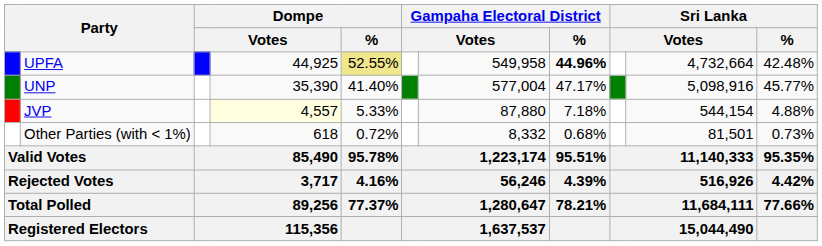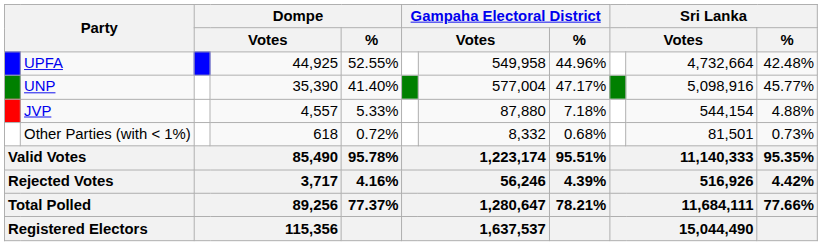 <table class="wikitable">
 <tr>
 <th colspan="2" width="144px"rowspan="2">Party</th>
 <th colspan="3" width="216px">Dompe</th>
 <th colspan="3" width="216px"><a href='#'>Gampaha Electoral District</a></th>
 <th colspan="3" width="216px">Sri Lanka</th>
 </tr>
 <tr>
 <th colspan="2" width="144px">Votes</th>
 <th>%</th>
 <th colspan="2" width="144px">Votes</th>
 <th>%</th>
 <th colspan="2" width="144px">Votes</th>
 <th>%</th>
 </tr>
 <tr>
 <td style="background-color:blue;" width="10px"></td>
 <td style="text-align:left;"><a href='#'>UPFA</a></td>
 <td style="background-color:blue;" width="10px"></td>
 <td style="text-align:right;">44,925</td>
-<td style="background: khaki; text-align:right;">52.55%</td>
+<td style="text-align:right;">52.55%</td>
 <td style="background-color:white;" width="10px"></td>
 <td style="text-align:right;">549,958</td>
-<td style="text-align:right;"><strong>44.96%</strong></td>
+<td style="text-align:right;">44.96%</td>
 <td style="background-color:white;" width="10px"></td>
 <td style="text-align:right;">4,732,664</td>
 <td style="text-align:right;">42.48%</td>
 </tr>
 <tr>
 <td style="background-color:green;" width="10px"></td>
 <td style="text-align:left;"><a href='#'>UNP</a></td>
 <td style="background-color:white;" width="10px"></td>
 <td style="text-align:right;">35,390</td>
 <td style="text-align:right;">41.40%</td>
 <td style="background-color:green;" width="10px"></td>
 <td style="text-align:right;">577,004</td>
 <td style="text-align:right;">47.17%</td>
 <td style="background-color:green;" width="10px"></td>
 <td style="text-align:right;">5,098,916</td>
 <td style="text-align:right;">45.77%</td>
 </tr>
 <tr>
 <td style="background-color:red;" width="10px"></td>
 <td style="text-align:left;"><a href='#'>JVP</a></td>
 <td style="background-color:white;" width="10px"></td>
-<td style="background: lightyellow; text-align:right;">4,557</td>
+<td style="text-align:right;">4,557</td>
 <td style="text-align:right;">5.33%</td>
 <td style="background-color:white;" width="10px"></td>
 <td style="text-align:right;">87,880</td>
 <td style="text-align:right;">7.18%</td>
 <td style="background-color:white;" width="10px"></td>
 <td style="text-align:right;">544,154</td>
 <td style="text-align:right;">4.88%</td>
 </tr>
 <tr>
 <td style="background-color:white;" width="10px"></td>
 <td style="text-align:left;">Other Parties (with < 1%)</td>
 <td style="background-color:white;" width="10px"></td>
 <td style="text-align:right;">618</td>
 <td style="text-align:right;">0.72%</td>
 <td style="background-color:white;" width="10px"></td>
 <td style="text-align:right;">8,332</td>
 <td style="text-align:right;">0.68%</td>
 <td style="background-color:white;" width="10px"></td>
 <td style="text-align:right;">81,501</td>
 <td style="text-align:right;">0.73%</td>
 </tr>
 <tr>
 <th colspan="2" width="144px"style="text-align:left;">Valid Votes</th>
 <th style="text-align:right;"colspan="2" width="144px">85,490</th>
 <th style="text-align:right;">95.78%</th>
 <th style="text-align:right;"colspan="2" width="144px">1,223,174</th>
 <th style="text-align:right;">95.51%</th>
 <th style="text-align:right;"colspan="2" width="144px">11,140,333</th>
 <th style="text-align:right;">95.35%</th>
 </tr>
 <tr>
 <th colspan="2" width="144px"style="text-align:left;">Rejected Votes</th>
 <th style="text-align:right;"colspan="2" width="144px">3,717</th>
 <th style="text-align:right;">4.16%</th>
 <th style="text-align:right;"colspan="2" width="144px">56,246</th>
 <th style="text-align:right;">4.39%</th>
 <th style="text-align:right;"colspan="2" width="144px">516,926</th>
 <th style="text-align:right;">4.42%</th>
 </tr>
 <tr>
 <th colspan="2" width="144px"style="text-align:left;">Total Polled</th>
 <th style="text-align:right;"colspan="2" width="144px">89,256</th>
 <th style="text-align:right;">77.37%</th>
 <th style="text-align:right;"colspan="2" width="144px">1,280,647</th>
 <th style="text-align:right;">78.21%</th>
 <th style="text-align:right;"colspan="2" width="144px">11,684,111</th>
 <th style="text-align:right;">77.66%</th>
 </tr>
 <tr>
 <th colspan="2" width="144px"style="text-align:left;">Registered Electors</th>
 <th style="text-align:right;"colspan="2" width="144px">115,356</th>
 <th></th>
 <th style="text-align:right;"colspan="2" width="144px">1,637,537</th>
 <th></th>
 <th style="text-align:right;"colspan="2" width="144px">15,044,490</th>
 <th></th>
 </tr>
 </table>
